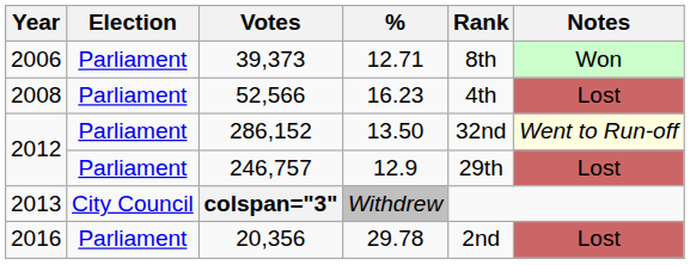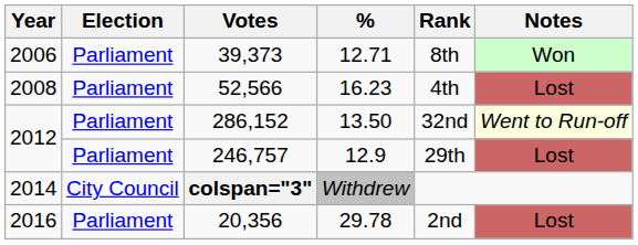 <table class="wikitable" style="text-align:center;">
 <tr>
 <th>Year</th>
 <th>Election</th>
 <th>Votes</th>
 <th>%</th>
 <th>Rank</th>
 <th>Notes</th>
 </tr>
 <tr>
 <td>2006</td>
 <td><a href='#'>Parliament</a> </td>
 <td>39,373</td>
 <td>12.71</td>
 <td>8th</td>
 <td style="background-color:#CCFFCC">Won</td>
 </tr>
 <tr>
 <td>2008</td>
 <td><a href='#'>Parliament</a> </td>
 <td>52,566</td>
 <td>16.23</td>
 <td>4th</td>
 <td style="background-color:#C66">Lost</td>
 </tr>
 <tr>
 <td rowspan="2">2012</td>
 <td><a href='#'>Parliament</a> </td>
 <td>286,152</td>
 <td>13.50</td>
 <td>32nd</td>
 <td style="background-color:#FFFFE0"><em>Went to Run-off</em></td>
 </tr>
 <tr>
 <td><a href='#'>Parliament</a> </td>
 <td> 246,757</td>
 <td> 12.9</td>
 <td>29th</td>
 <td style="background-color:#C66">Lost</td>
 </tr>
 <tr>
-<td>2013</td>
+<td>2014</td>
 <td><a href='#'>City Council</a> </td>
 <th>colspan="3" </th>
 <td style="background-color:#C0C0C0"><em>Withdrew</em></td>
 </tr>
 <tr>
 <td>2016</td>
 <td><a href='#'>Parliament</a> </td>
 <td>20,356</td>
 <td>29.78</td>
 <td>2nd</td>
 <td style="background-color:#C66">Lost</td>
 </tr>
 </table>
